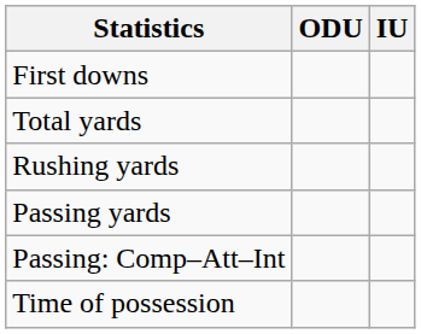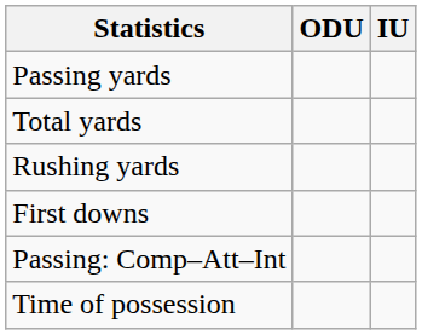 <table class="wikitable" style="float: left;">
 <tr>
 <th>Statistics</th>
 <th>ODU</th>
 <th>IU</th>
 </tr>
 <tr>
-<td>First downs</td>
+<td>Passing yards</td>
 <td></td>
 <td></td>
 </tr>
 <tr>
 <td>Total yards</td>
 <td></td>
 <td></td>
 </tr>
 <tr>
 <td>Rushing yards</td>
 <td></td>
 <td></td>
 </tr>
 <tr>
-<td>Passing yards</td>
+<td>First downs</td>
 <td></td>
 <td></td>
 </tr>
 <tr>
 <td>Passing: Comp–Att–Int</td>
 <td></td>
 <td></td>
 </tr>
 <tr>
 <td>Time of possession</td>
 <td></td>
 <td></td>
 </tr>
 </table>
